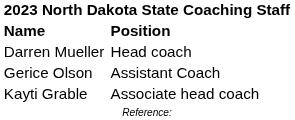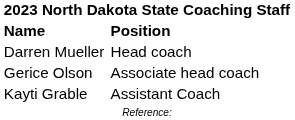 <table class="toccolours" style="text-align: left; font-size:90;">
 <tr>
 <th colspan="9">2023 North Dakota State Coaching Staff</th>
 </tr>
 <tr>
 <th>Name</th>
 <th>Position</th>
 </tr>
 <tr>
 <td>Darren Mueller</td>
 <td>Head coach</td>
 </tr>
 <tr>
 <td>Gerice Olson</td>
-<td>Assistant Coach</td>
+<td>Associate head coach</td>
 </tr>
 <tr>
 <td>Kayti Grable</td>
-<td>Associate head coach</td>
+<td>Assistant Coach</td>
 <td width="25"> </td>
 </tr>
 <tr>
 <td colspan="4" style="font-size:8pt; text-align:center;"><em>Reference:</em></td>
 </tr>
 </table>
